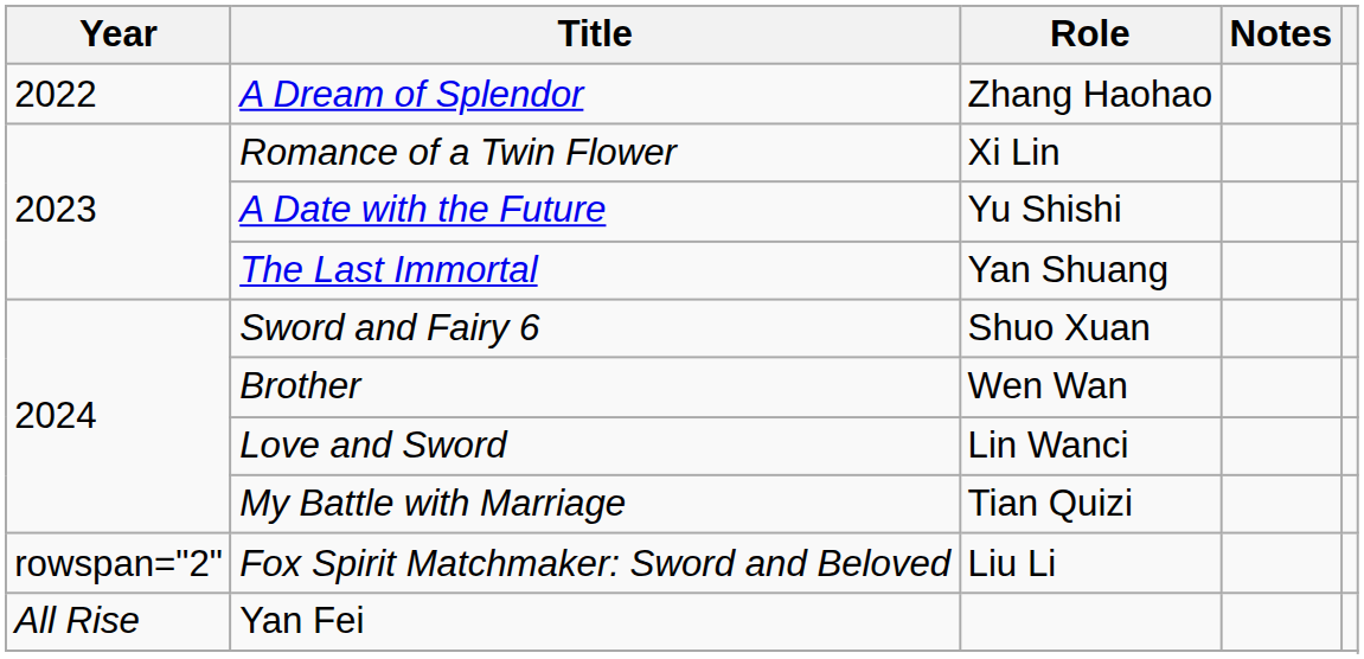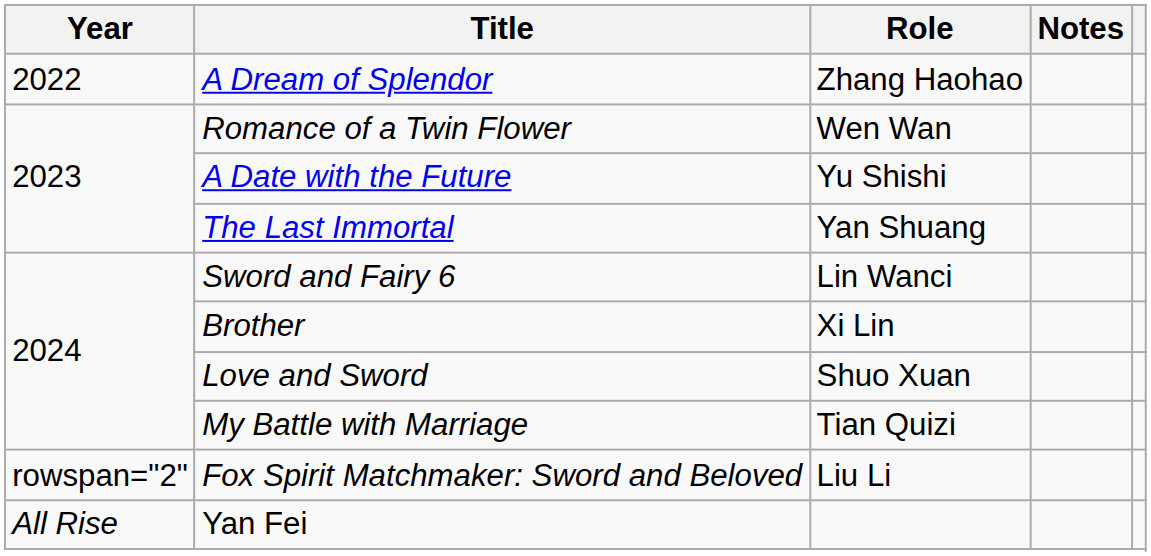 <table class="wikitable sortable plainrowheaders">
 <tr>
 <th scope="col">Year</th>
 <th scope="col">Title</th>
 <th scope="col">Role</th>
 <th scope="col">Notes</th>
 <th scope="col" class="unsortable"></th>
 </tr>
 <tr>
 <td>2022</td>
 <td><em><a href='#'>A Dream of Splendor</a></em></td>
 <td>Zhang Haohao</td>
 <td></td>
 <td></td>
 </tr>
 <tr>
 <td rowspan="3">2023</td>
 <td><em>Romance of a Twin Flower</em></td>
-<td>Xi Lin</td>
+<td>Wen Wan</td>
 <td></td>
 <td></td>
 </tr>
 <tr>
 <td><em><a href='#'>A Date with the Future</a></em></td>
 <td>Yu Shishi</td>
 <td></td>
 <td></td>
 </tr>
 <tr>
 <td><em><a href='#'>The Last Immortal</a></em></td>
 <td>Yan Shuang</td>
 <td></td>
 <td></td>
 </tr>
 <tr>
 <td rowspan="4">2024</td>
 <td><em>Sword and Fairy 6</em></td>
-<td>Shuo Xuan</td>
+<td>Lin Wanci</td>
 <td></td>
 <td></td>
 </tr>
 <tr>
 <td><em>Brother</em></td>
-<td>Wen Wan</td>
+<td>Xi Lin</td>
 <td></td>
 <td></td>
 </tr>
 <tr>
 <td><em>Love and Sword</em></td>
-<td>Lin Wanci</td>
+<td>Shuo Xuan</td>
 <td></td>
 <td></td>
 </tr>
 <tr>
 <td><em>My Battle with Marriage</em></td>
 <td>Tian Quizi</td>
 <td></td>
 <td></td>
 </tr>
 <tr>
 <td>rowspan="2" </td>
 <td><em>Fox Spirit Matchmaker: Sword and Beloved</em></td>
 <td>Liu Li</td>
 <td></td>
 <td></td>
 </tr>
 <tr>
 <td><em>All Rise</em></td>
 <td>Yan Fei</td>
 <td></td>
 <td></td>
 </tr>
 <tr>
 </tr>
 </table>
